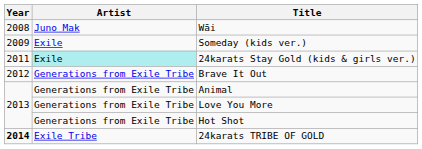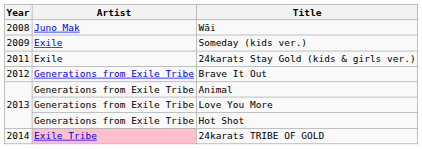 <table class="wikitable">
 <tr>
 <th>Year</th>
 <th>Artist</th>
 <th>Title</th>
 </tr>
 <tr>
 <td>2008</td>
 <td><a href='#'>Juno Mak</a></td>
 <td>Wāi</td>
 </tr>
 <tr>
 <td>2009</td>
 <td><a href='#'>Exile</a></td>
 <td>Someday (kids ver.)</td>
 </tr>
 <tr>
 <td>2011</td>
-<td style="background: paleturquoise;">Exile</td>
+<td>Exile</td>
 <td>24karats Stay Gold (kids & girls ver.)</td>
 </tr>
 <tr>
 <td>2012</td>
 <td><a href='#'>Generations from Exile Tribe</a></td>
 <td>Brave It Out</td>
 </tr>
 <tr>
 <td rowspan="3">2013</td>
 <td>Generations from Exile Tribe</td>
 <td>Animal</td>
 </tr>
 <tr>
 <td>Generations from Exile Tribe</td>
 <td>Love You More</td>
 </tr>
 <tr>
 <td>Generations from Exile Tribe</td>
 <td>Hot Shot</td>
 </tr>
 <tr>
-<td><strong>2014</strong></td>
-<td><a href='#'>Exile Tribe</a></td>
+<td>2014</td>
+<td style="background: pink;"><a href='#'>Exile Tribe</a></td>
 <td>24karats TRIBE OF GOLD</td>
 </tr>
 </table>
